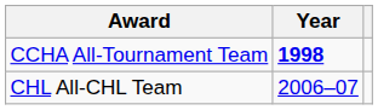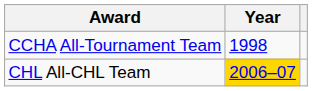 <table class="wikitable">
 <tr>
 <th>Award</th>
 <th>Year</th>
 <th></th>
 </tr>
 <tr>
 <td><a href='#'>CCHA</a> <a href='#'>All-Tournament Team</a></td>
-<td><strong><a href='#'>1998</a></strong></td>
+<td><a href='#'>1998</a></td>
 <td></td>
 </tr>
 <tr>
 <td><a href='#'>CHL</a> All-CHL Team</td>
-<td><a href='#'>2006–07</a></td>
+<td style="background: gold;"><a href='#'>2006–07</a></td>
 <td></td>
 </tr>
 </table>
